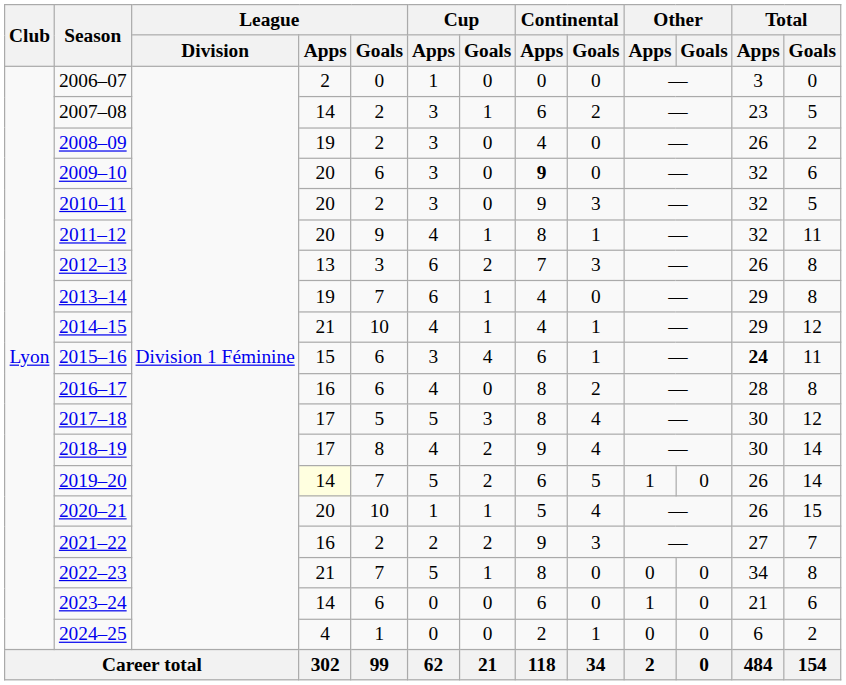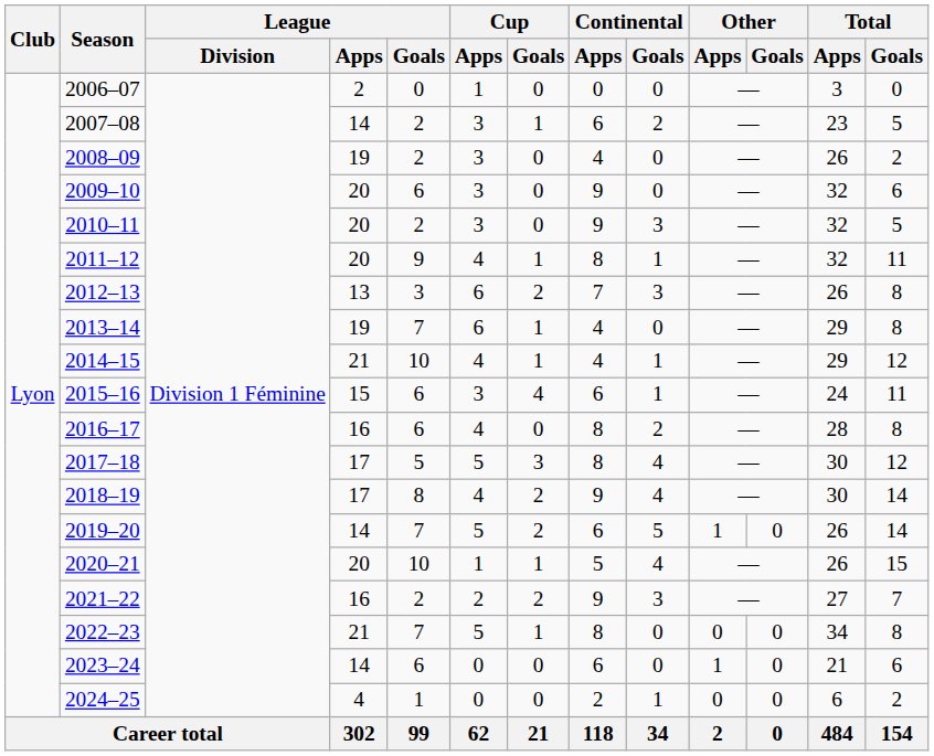 <table class="wikitable" style="text-align: center;">
 <tr>
 <th rowspan="2">Club</th>
 <th rowspan="2">Season</th>
 <th colspan="3">League</th>
 <th colspan="2">Cup</th>
 <th colspan="2">Continental</th>
 <th colspan="2">Other</th>
 <th colspan="2">Total</th>
 </tr>
 <tr>
 <th>Division</th>
 <th>Apps</th>
 <th>Goals</th>
 <th>Apps</th>
 <th>Goals</th>
 <th>Apps</th>
 <th>Goals</th>
 <th>Apps</th>
 <th>Goals</th>
 <th>Apps</th>
 <th>Goals</th>
 </tr>
 <tr>
 <td rowspan="19"><a href='#'>Lyon</a></td>
 <td>2006–07</td>
 <td rowspan="19"><a href='#'>Division 1 Féminine</a></td>
 <td>2</td>
 <td>0</td>
 <td>1</td>
 <td>0</td>
 <td>0</td>
 <td>0</td>
 <td colspan="2">—</td>
 <td>3</td>
 <td>0</td>
 </tr>
 <tr>
 <td>2007–08</td>
 <td>14</td>
 <td>2</td>
 <td>3</td>
 <td>1</td>
 <td>6</td>
 <td>2</td>
 <td colspan="2">—</td>
 <td>23</td>
 <td>5</td>
 </tr>
 <tr>
 <td><a href='#'>2008–09</a></td>
 <td>19</td>
 <td>2</td>
 <td>3</td>
 <td>0</td>
 <td>4</td>
 <td>0</td>
 <td colspan="2">—</td>
 <td>26</td>
 <td>2</td>
 </tr>
 <tr>
 <td><a href='#'>2009–10</a></td>
 <td>20</td>
 <td>6</td>
 <td>3</td>
 <td>0</td>
-<td><strong>9</strong></td>
+<td>9</td>
 <td>0</td>
 <td colspan="2">—</td>
 <td>32</td>
 <td>6</td>
 </tr>
 <tr>
 <td><a href='#'>2010–11</a></td>
 <td>20</td>
 <td>2</td>
 <td>3</td>
 <td>0</td>
 <td>9</td>
 <td>3</td>
 <td colspan="2">—</td>
 <td>32</td>
 <td>5</td>
 </tr>
 <tr>
 <td><a href='#'>2011–12</a></td>
 <td>20</td>
 <td>9</td>
 <td>4</td>
 <td>1</td>
 <td>8</td>
 <td>1</td>
 <td colspan="2">—</td>
 <td>32</td>
 <td>11</td>
 </tr>
 <tr>
 <td><a href='#'>2012–13</a></td>
 <td>13</td>
 <td>3</td>
 <td>6</td>
 <td>2</td>
 <td>7</td>
 <td>3</td>
 <td colspan="2">—</td>
 <td>26</td>
 <td>8</td>
 </tr>
 <tr>
 <td><a href='#'>2013–14</a></td>
 <td>19</td>
 <td>7</td>
 <td>6</td>
 <td>1</td>
 <td>4</td>
 <td>0</td>
 <td colspan="2">—</td>
 <td>29</td>
 <td>8</td>
 </tr>
 <tr>
 <td><a href='#'>2014–15</a></td>
 <td>21</td>
 <td>10</td>
 <td>4</td>
 <td>1</td>
 <td>4</td>
 <td>1</td>
 <td colspan="2">—</td>
 <td>29</td>
 <td>12</td>
 </tr>
 <tr>
 <td><a href='#'>2015–16</a></td>
 <td>15</td>
 <td>6</td>
 <td>3</td>
 <td>4</td>
 <td>6</td>
 <td>1</td>
 <td colspan="2">—</td>
-<td><strong>24</strong></td>
+<td>24</td>
 <td>11</td>
 </tr>
 <tr>
 <td><a href='#'>2016–17</a></td>
 <td>16</td>
 <td>6</td>
 <td>4</td>
 <td>0</td>
 <td>8</td>
 <td>2</td>
 <td colspan="2">—</td>
 <td>28</td>
 <td>8</td>
 </tr>
 <tr>
 <td><a href='#'>2017–18</a></td>
 <td>17</td>
 <td>5</td>
 <td>5</td>
 <td>3</td>
 <td>8</td>
 <td>4</td>
 <td colspan="2">—</td>
 <td>30</td>
 <td>12</td>
 </tr>
 <tr>
 <td><a href='#'>2018–19</a></td>
 <td>17</td>
 <td>8</td>
 <td>4</td>
 <td>2</td>
 <td>9</td>
 <td>4</td>
 <td colspan="2">—</td>
 <td>30</td>
 <td>14</td>
 </tr>
 <tr>
 <td><a href='#'>2019–20</a></td>
-<td style="background: lightyellow;">14</td>
+<td>14</td>
 <td>7</td>
 <td>5</td>
 <td>2</td>
 <td>6</td>
 <td>5</td>
 <td>1</td>
 <td>0</td>
 <td>26</td>
 <td>14</td>
 </tr>
 <tr>
 <td><a href='#'>2020–21</a></td>
 <td>20</td>
 <td>10</td>
 <td>1</td>
 <td>1</td>
 <td>5</td>
 <td>4</td>
 <td colspan="2">—</td>
 <td>26</td>
 <td>15</td>
 </tr>
 <tr>
 <td><a href='#'>2021–22</a></td>
 <td>16</td>
 <td>2</td>
 <td>2</td>
 <td>2</td>
 <td>9</td>
 <td>3</td>
 <td colspan="2">—</td>
 <td>27</td>
 <td>7</td>
 </tr>
 <tr>
 <td><a href='#'>2022–23</a></td>
 <td>21</td>
 <td>7</td>
 <td>5</td>
 <td>1</td>
 <td>8</td>
 <td>0</td>
 <td>0</td>
 <td>0</td>
 <td>34</td>
 <td>8</td>
 </tr>
 <tr>
 <td><a href='#'>2023–24</a></td>
 <td>14</td>
 <td>6</td>
 <td>0</td>
 <td>0</td>
 <td>6</td>
 <td>0</td>
 <td>1</td>
 <td>0</td>
 <td>21</td>
 <td>6</td>
 </tr>
 <tr>
 <td><a href='#'>2024–25</a></td>
 <td>4</td>
 <td>1</td>
 <td>0</td>
 <td>0</td>
 <td>2</td>
 <td>1</td>
 <td>0</td>
 <td>0</td>
 <td>6</td>
 <td>2</td>
 </tr>
 <tr>
 <th colspan="3">Career total</th>
 <th>302</th>
 <th>99</th>
 <th>62</th>
 <th>21</th>
 <th>118</th>
 <th>34</th>
 <th>2</th>
 <th>0</th>
 <th>484</th>
 <th>154</th>
 </tr>
 </table>
